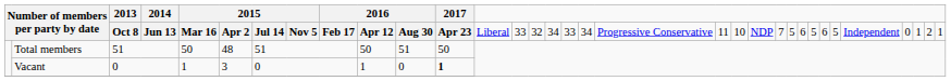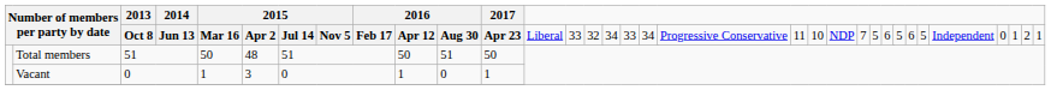 <table class="wikitable">
 <tr>
 <th colspan="2" rowspan="2">Number of members<br>per party by date</th>
 <th>2013</th>
 <th>2014</th>
 <th colspan="4">2015</th>
 <th colspan="3">2016</th>
 <th>2017</th>
 </tr>
 <tr>
 <th>Oct 8</th>
 <th>Jun 13</th>
 <th>Mar 16</th>
 <th>Apr 2</th>
 <th>Jul 14</th>
 <th>Nov 5</th>
 <th>Feb 17</th>
 <th>Apr 12</th>
 <th>Aug 30</th>
 <th>Apr 23<br></th>
 <td><a href='#'>Liberal</a></td>
 <td colspan=2>33</td>
 <td colspan=2>32</td>
 <td>34</td>
 <td>33</td>
 <td colspan=4>34<br></td>
 <td><a href='#'>Progressive Conservative</a></td>
 <td>11</td>
 <td colspan="9">10<br></td>
 <td><a href='#'>NDP</a></td>
 <td colspan=3>7</td>
 <td>5</td>
 <td colspan=3>6</td>
 <td>5</td>
 <td>6</td>
 <td>5<br></td>
 <td><a href='#'>Independent</a></td>
 <td colspan=1>0</td>
 <td colspan=4>1</td>
 <td>2</td>
 <td colspan=4>1</td>
 </tr>
 <tr>
 <td rowspan=2></td>
 <td>Total members</td>
 <td colspan=2>51</td>
 <td>50</td>
 <td>48</td>
 <td colspan=3>51</td>
 <td>50</td>
 <td>51</td>
 <td>50</td>
 </tr>
 <tr>
 <td>Vacant</td>
 <td colspan=2>0</td>
 <td>1</td>
 <td>3</td>
 <td colspan=3>0</td>
 <td>1</td>
 <td>0</td>
-<td><strong>1</strong></td>
+<td>1</td>
 </tr>
 <tr>
 </tr>
 </table>
